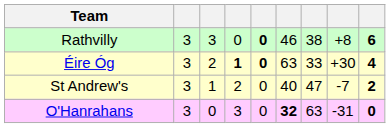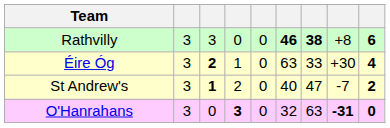 <table class="wikitable" style="text-align:center">
 <tr>
 <th style="width:175px;">Team</th>
 <th width="20"></th>
 <th width="20"></th>
 <th width="20"></th>
 <th width="20"></th>
 <th width="20"></th>
 <th width="20"></th>
 <th width="20"></th>
 <th width="20"></th>
 </tr>
 <tr style="background:#cfc;">
 <td>Rathvilly</td>
 <td>3</td>
 <td>3</td>
 <td>0</td>
-<td><strong>0</strong></td>
-<td>46</td>
-<td>38</td>
+<td>0</td>
+<td><strong>46</strong></td>
+<td><strong>38</strong></td>
 <td>+8</td>
 <td><strong>6</strong></td>
 </tr>
 <tr style="background:#ffc;">
 <td><a href='#'>Éire Óg</a></td>
 <td>3</td>
-<td>2</td>
-<td><strong>1</strong></td>
-<td><strong>0</strong></td>
+<td><strong>2</strong></td>
+<td>1</td>
+<td>0</td>
 <td>63</td>
 <td>33</td>
 <td>+30</td>
 <td><strong>4</strong></td>
 </tr>
 <tr style="background:#ffc;">
 <td>St Andrew's</td>
 <td>3</td>
-<td>1</td>
+<td><strong>1</strong></td>
 <td>2</td>
 <td>0</td>
 <td>40</td>
 <td>47</td>
 <td>-7</td>
 <td><strong>2</strong></td>
 </tr>
 <tr style="background:#fcf;">
 <td><a href='#'>O'Hanrahans</a></td>
 <td>3</td>
 <td>0</td>
-<td>3</td>
+<td><strong>3</strong></td>
 <td>0</td>
-<td><strong>32</strong></td>
+<td>32</td>
 <td>63</td>
-<td>-31</td>
+<td><strong>-31</strong></td>
 <td><strong>0</strong></td>
 </tr>
 </table>
